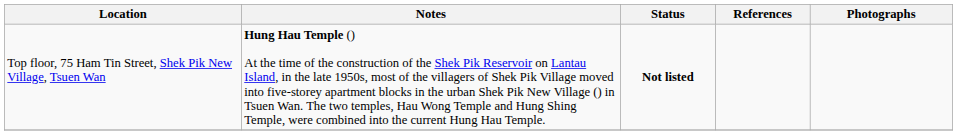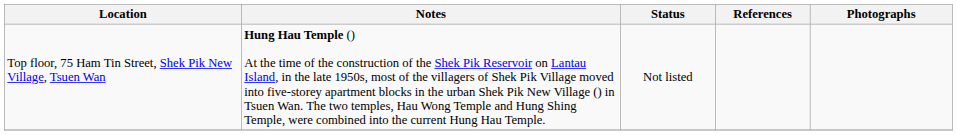 <table class="wikitable sortable" style="width:95%">
 <tr>
 <th width="25%">Location</th>
 <th width="40%">Notes</th>
 <th width="10%">Status</th>
 <th width="10%">References</th>
 <th width="15%">Photographs</th>
 </tr>
 <tr>
 <td>Top floor, 75 Ham Tin Street, <a href='#'>Shek Pik New Village</a>, <a href='#'>Tsuen Wan</a><br><br></td>
 <td><strong>Hung Hau Temple</strong> ()<br><br>At the time of the construction of the <a href='#'>Shek Pik Reservoir</a> on <a href='#'>Lantau Island</a>, in the late 1950s, most of the villagers of Shek Pik Village moved into five-storey apartment blocks in the urban Shek Pik New Village () in Tsuen Wan. The two temples, Hau Wong Temple and Hung Shing Temple, were combined into the current Hung Hau Temple.</td>
-<td style="text-align:center"><strong>Not listed</strong></td>
+<td style="text-align:center">Not listed</td>
 <td> </td>
 <td></td>
 </tr>
 <tr>
 </tr>
 </table>
